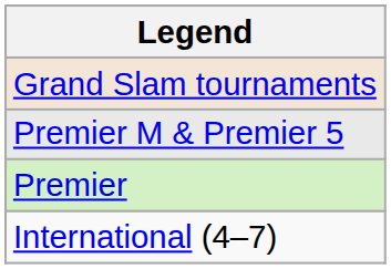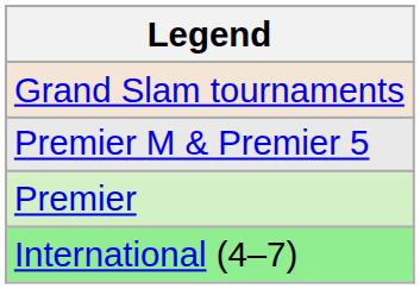 <table class=wikitable style="font-size:90%">
 <tr>
 <th>Legend</th>
 </tr>
 <tr>
 <td bgcolor=f3e6d7><a href='#'>Grand Slam tournaments</a></td>
 </tr>
 <tr>
 <td bgcolor="e9e9e9"><a href='#'>Premier M & Premier 5</a></td>
 </tr>
 <tr>
 <td bgcolor="d4f1c5"><a href='#'>Premier</a></td>
 </tr>
 <tr>
-<td><a href='#'>International</a> (4–7)</td>
+<td style="background: lightgreen;"><a href='#'>International</a> (4–7)</td>
 </tr>
 </table>
